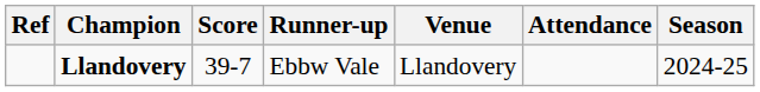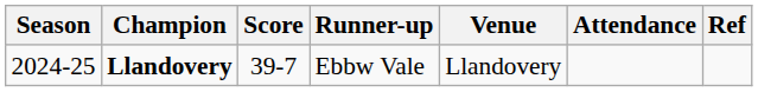 <table class="wikitable">
 <tr>
-<th>Ref</th>
+<th>Season</th>
 <th> Champion</th>
 <th>Score</th>
 <th> Runner-up</th>
 <th>Venue</th>
 <th>Attendance</th>
-<th>Season</th>
+<th>Ref</th>
 </tr>
 <tr>
-<td></td>
+<td>2024-25</td>
 <td style="text-align:right;"><strong>Llandovery</strong></td>
 <td style="text-align:center;">39-7</td>
 <td style="text-align:left;">Ebbw Vale</td>
 <td>Llandovery</td>
 <td></td>
-<td>2024-25</td>
+<td></td>
 </tr>
 </table>
